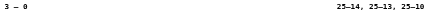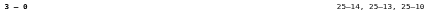 <table width=100% cellspacing=1>
 <tr>
 <th width=20%></th>
 <th width=12%></th>
 <th width=20%></th>
 <th width=33%></th>
 <td></td>
 </tr>
 <tr style=font-size:95%>
 <td align=right><strong></strong></td>
 <td align=center><strong>3 – 0</strong></td>
 <td></td>
-<td><strong>25–14, 25–13, 25–10</strong></td>
+<td>25–14, 25–13, 25–10</td>
 </tr>
 </table>
